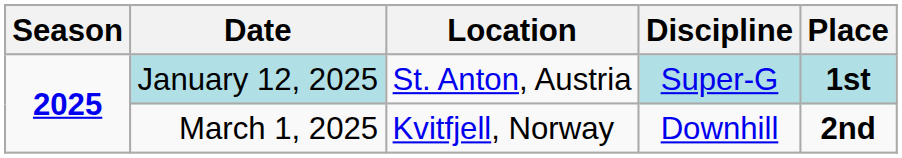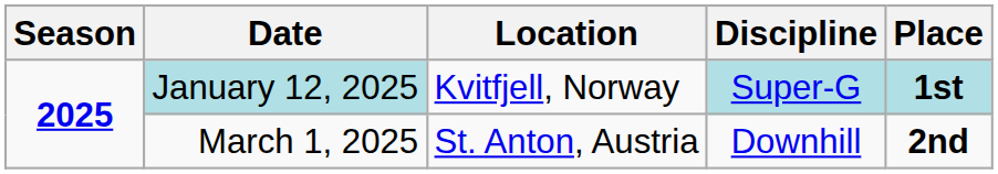 <table class="wikitable" style="font-size:95%; text-align:center;">
 <tr>
 <th>Season</th>
 <th>Date</th>
 <th>Location</th>
 <th>Discipline</th>
 <th>Place</th>
 </tr>
 <tr>
 <td rowspan="2"><strong><a href='#'>2025</a></strong></td>
 <td align=right bgcolor="#BOEOE6">January 12, 2025</td>
-<td align=left> <a href='#'>St. Anton</a>, Austria</td>
+<td align=left> <a href='#'>Kvitfjell</a>, Norway</td>
 <td bgcolor="#BOEOE6"><a href='#'>Super-G</a></td>
 <td bgcolor="#BOEOE6"><strong>1st</strong></td>
 </tr>
 <tr>
 <td align=right>March 1, 2025</td>
-<td align=left> <a href='#'>Kvitfjell</a>, Norway</td>
+<td align=left> <a href='#'>St. Anton</a>, Austria</td>
 <td><a href='#'>Downhill</a></td>
 <td><strong>2nd</strong></td>
 </tr>
 </table>
